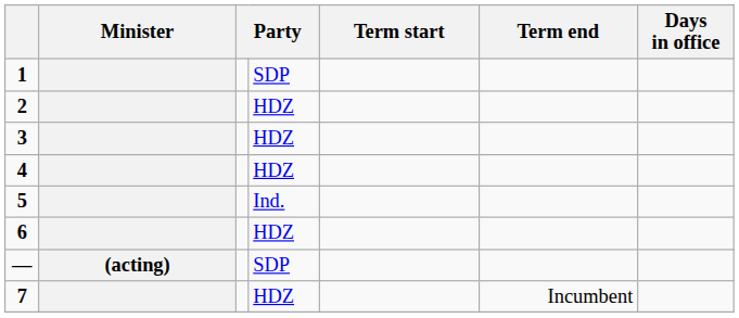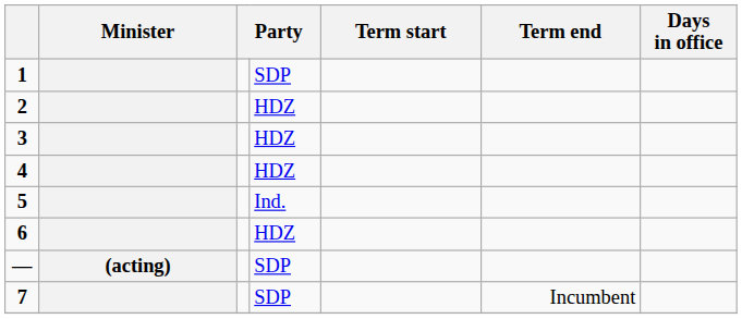 <table class="wikitable sortable plainrowheaders">
 <tr>
 <th scope="col" rowspan=1 width=20></th>
 <th scope="col" rowspan=1 width=150>Minister</th>
 <th scope="col" colspan=2 width=60>Party</th>
 <th scope="col" rowspan=1 width=120>Term start</th>
 <th scope="col" rowspan=1 width=120>Term end</th>
 <th scope="col" rowspan=1 width=70>Days<br> in office</th>
 </tr>
 <tr>
 <td align=center><strong>1</strong></td>
 <th scope="row"></th>
 <td style="background-color: "></td>
 <td><a href='#'>SDP</a></td>
 <td align=right></td>
 <td align=right></td>
 <td align=right></td>
 </tr>
 <tr>
 <td align=center><strong>2</strong></td>
 <th scope="row"></th>
 <td style="background-color: "></td>
 <td><a href='#'>HDZ</a></td>
 <td align=right></td>
 <td align=right></td>
 <td align=right></td>
 </tr>
 <tr>
 <td align=center><strong>3</strong></td>
 <th scope="row"></th>
 <td style="background-color: "></td>
 <td><a href='#'>HDZ</a></td>
 <td align=right></td>
 <td align=right></td>
 <td align=right></td>
 </tr>
 <tr>
 <td align=center><strong>4</strong></td>
 <th scope="row"></th>
 <td style="background-color: "></td>
 <td><a href='#'>HDZ</a></td>
 <td align=right></td>
 <td align=right></td>
 <td align=right></td>
 </tr>
 <tr>
 <td align=center><strong>5</strong></td>
 <th scope="row"></th>
 <td style="background-color: "></td>
 <td><a href='#'>Ind.</a></td>
 <td align=right></td>
 <td align=right></td>
 <td align=right></td>
 </tr>
 <tr>
 <td align=center><strong>6</strong></td>
 <th scope="row"></th>
 <td style="background-color: "></td>
 <td><a href='#'>HDZ</a></td>
 <td align=right></td>
 <td align=right></td>
 <td align=right></td>
 </tr>
 <tr>
 <td align=center><strong>—</strong></td>
 <th scope="row"> (acting)</th>
 <td style="background-color: "></td>
 <td><a href='#'>SDP</a></td>
 <td align=right></td>
 <td align=right></td>
 <td align=right></td>
 </tr>
 <tr>
 <td align=center><strong>7</strong></td>
 <th scope="row"></th>
 <td style="background-color: "></td>
-<td><a href='#'>HDZ</a></td>
+<td><a href='#'>SDP</a></td>
 <td align=right></td>
 <td align=right>Incumbent</td>
 <td align=right></td>
 </tr>
 <tr>
 </tr>
 </table>
